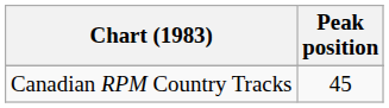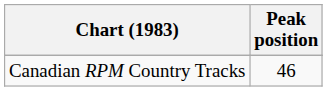 <table class="wikitable sortable">
 <tr>
 <th align="left">Chart (1983)</th>
 <th align="center">Peak<br>position</th>
 </tr>
 <tr>
 </tr>
 <tr>
 <td align="left">Canadian <em>RPM</em> Country Tracks</td>
-<td align="center">45</td>
+<td align="center">46</td>
 </tr>
 </table>
